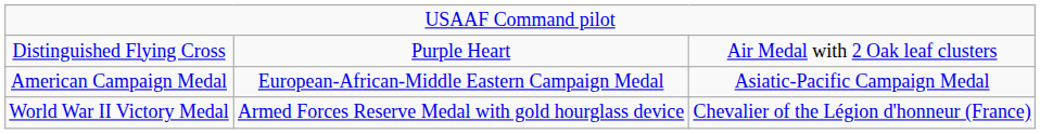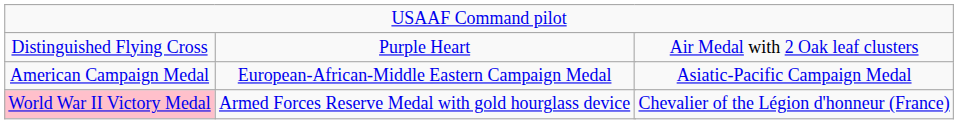 <table class="wikitable" style="margin:1em auto; text-align:center;">
 <tr>
 <td colspan="4"><a href='#'>USAAF Command pilot</a></td>
 </tr>
 <tr>
 <td><a href='#'>Distinguished Flying Cross</a></td>
 <td colspan=2><a href='#'>Purple Heart</a></td>
 <td><a href='#'>Air Medal</a> with <a href='#'>2 Oak leaf clusters</a></td>
 </tr>
 <tr>
 <td><a href='#'>American Campaign Medal</a></td>
 <td colspan=2><a href='#'>European-African-Middle Eastern Campaign Medal</a></td>
 <td><a href='#'>Asiatic-Pacific Campaign Medal</a></td>
 </tr>
 <tr>
-<td colspan="1" style="text-align:center"><a href='#'>World War II Victory Medal</a></td>
+<td colspan="1" style="background: pink; text-align:center"><a href='#'>World War II Victory Medal</a></td>
 <td colspan="2" style="text-align:center"><a href='#'>Armed Forces Reserve Medal with gold hourglass device</a></td>
 <td colspan="2" style="text-align:center"><a href='#'>Chevalier of the Légion d'honneur (France)</a></td>
 </tr>
 </table>
